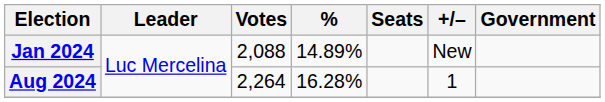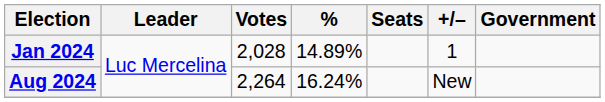 <table class=wikitable style="text-align:center">
 <tr>
 <th>Election</th>
 <th>Leader</th>
 <th>Votes</th>
 <th>%</th>
 <th>Seats</th>
 <th>+/–</th>
 <th>Government</th>
 </tr>
 <tr>
 <th><a href='#'>Jan 2024</a></th>
 <td rowspan=2><a href='#'>Luc Mercelina</a></td>
-<td>2,088</td>
+<td>2,028</td>
 <td>14.89%</td>
+<td></td>
+<td> 1</td>
+<td></td>
+</tr>
+<tr>
+<th><a href='#'>Aug 2024</a></th>
+<td>2,264</td>
+<td>16.24%</td>
 <td></td>
 <td>New</td>
 <td></td>
 </tr>
 <tr>
-<th><a href='#'>Aug 2024</a></th>
-<td>2,264</td>
-<td>16.28%</td>
-<td></td>
-<td> 1</td>
-<td></td>
-</tr>
-<tr>
 </tr>
 </table>
